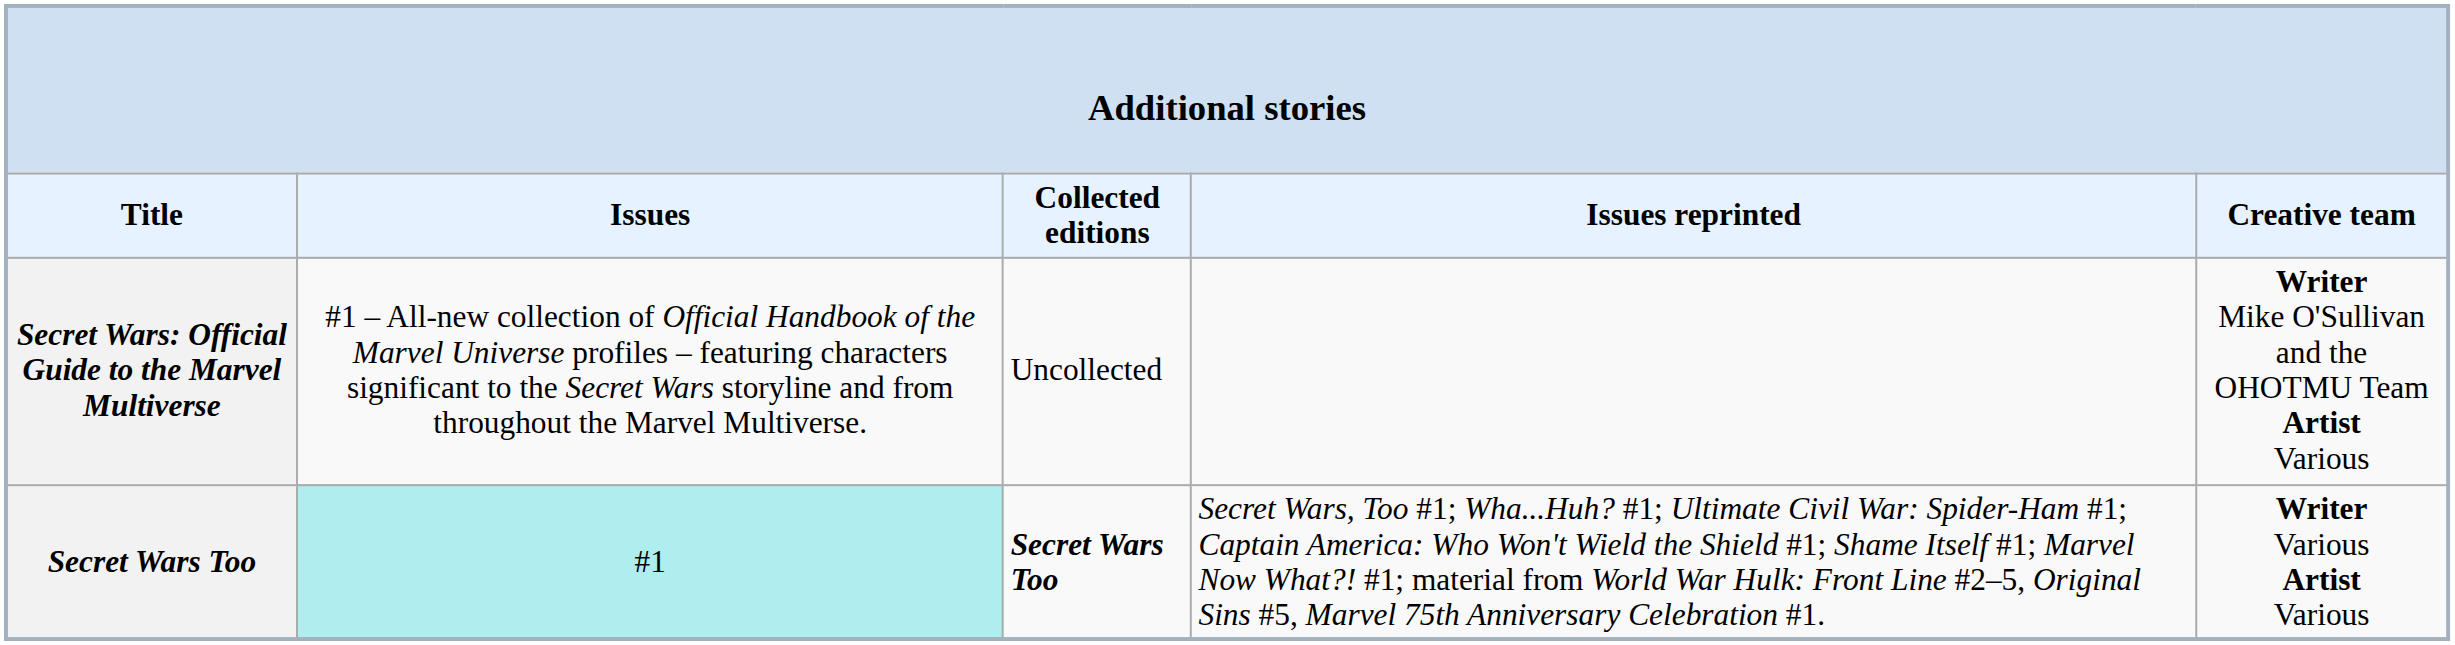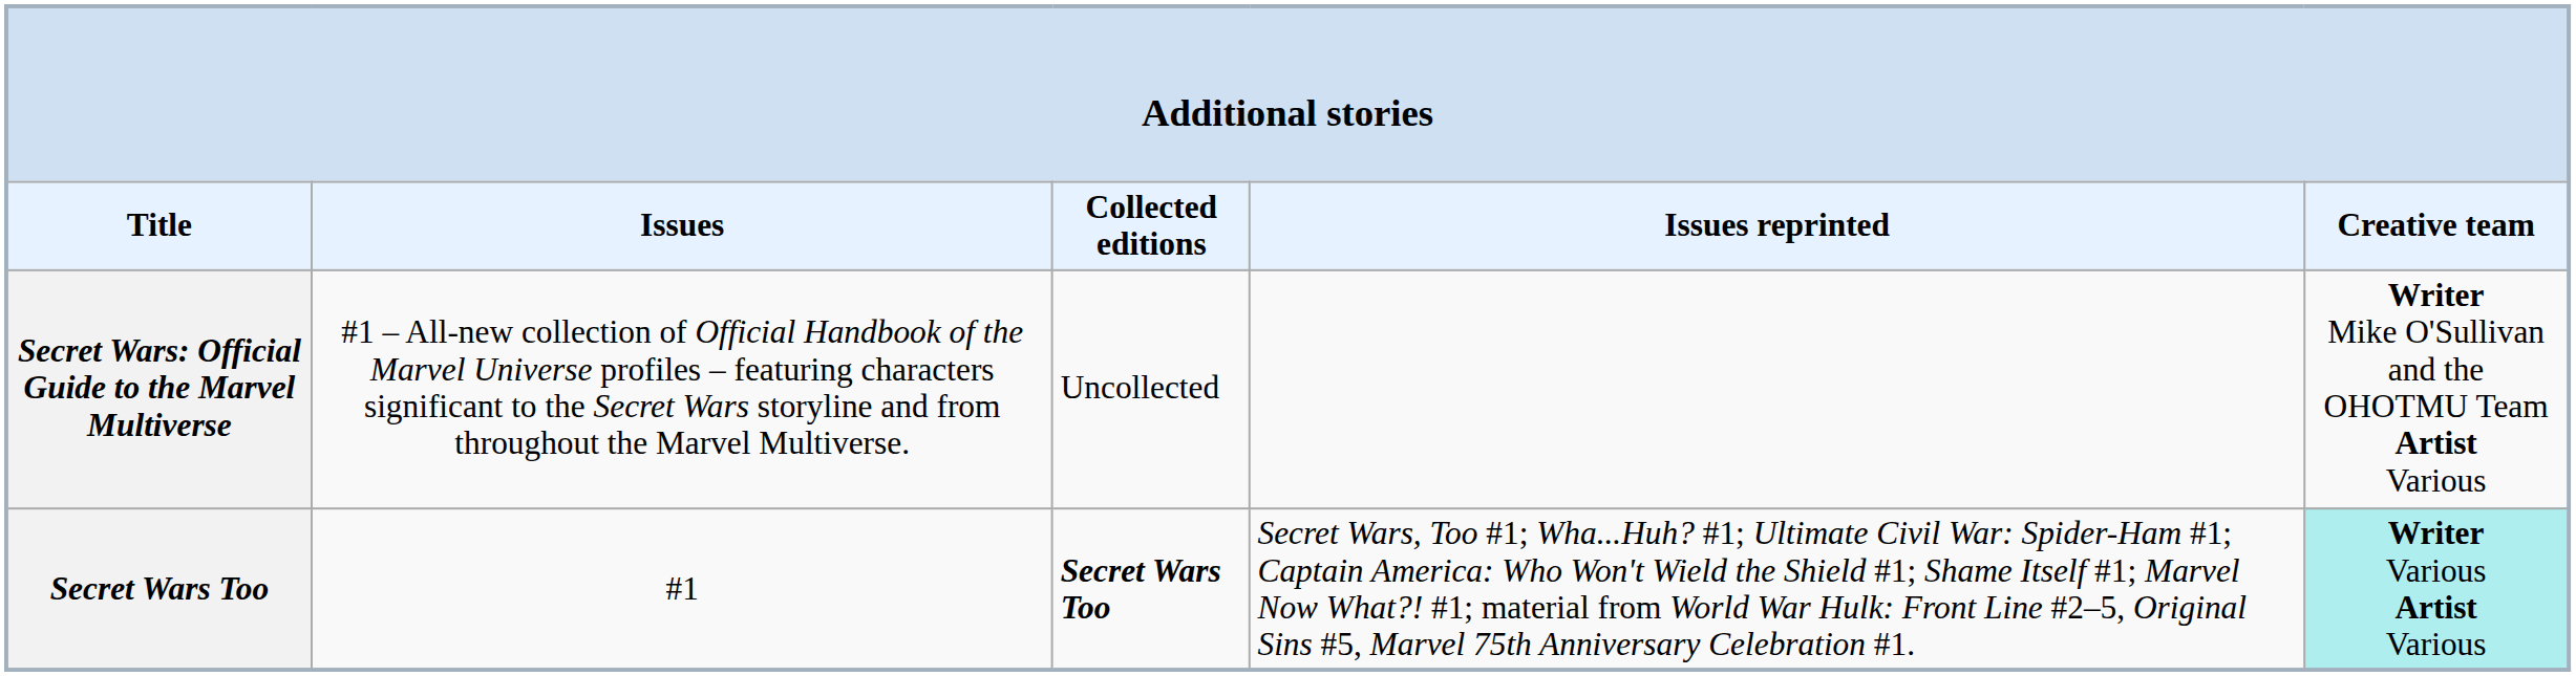 <table class="wikitable collapsible"  style="text-align:center; border:2px solid #a3b1bf; font-weight:normal;">
 <tr>
 <th colspan="5" style="background:#cee0f2;"><br><h3>Additional stories</h3></th>
 </tr>
 <tr>
 <th scope="col" style="text-align:center; background:#e6f2ff;">Title</th>
 <th scope="col" style="text-align:center; background:#e6f2ff;">Issues</th>
 <th scope="col" style="text-align:center; background:#e6f2ff;">Collected editions</th>
 <th scope="col" style="text-align:center; background:#e6f2ff;">Issues reprinted</th>
 <th scope="col" style="text-align:center; background:#e6f2ff;">Creative team</th>
 </tr>
 <tr>
 <th><em>Secret Wars: Official Guide to the Marvel Multiverse</em></th>
 <td>#1 – All-new collection of <em>Official Handbook of the Marvel Universe</em> profiles – featuring characters significant to the <em>Secret Wars</em> storyline and from throughout the Marvel Multiverse.</td>
 <td style="text-align:left;">Uncollected</td>
 <td style="text-align:left;"></td>
 <td><strong>Writer</strong><br>Mike O'Sullivan and the OHOTMU Team<br><strong>Artist</strong><br>Various</td>
 </tr>
 <tr>
 <th><em>Secret Wars Too</em></th>
-<td style="background: paleturquoise;">#1</td>
+<td>#1</td>
 <td style="text-align:left;"><strong><em>Secret Wars Too</em></strong></td>
 <td style="text-align:left;"><em>Secret Wars, Too</em> #1; <em>Wha...Huh?</em> #1; <em>Ultimate Civil War: Spider-Ham</em> #1; <em>Captain America: Who Won't Wield the Shield</em> #1; <em>Shame Itself</em> #1; <em>Marvel Now What?!</em> #1; material from <em>World War Hulk: Front Line</em> #2–5, <em>Original Sins</em> #5, <em>Marvel 75th Anniversary Celebration</em> #1.</td>
-<td><strong>Writer</strong><br>Various<br><strong>Artist</strong><br>Various</td>
+<td style="background: paleturquoise;"><strong>Writer</strong><br>Various<br><strong>Artist</strong><br>Various</td>
 </tr>
 <tr>
 </tr>
 </table>
